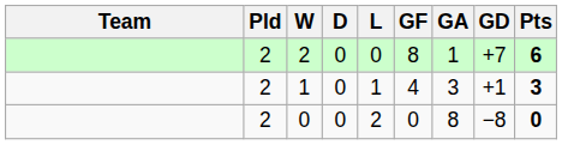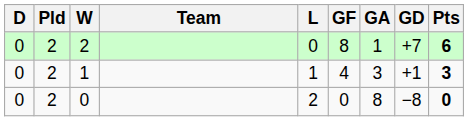 <table class="wikitable" style="text-align:center">
 <tr>
-<th width=175>Team</th>
+<th width=20>D</th>
 <th width=20>Pld</th>
 <th width=20>W</th>
-<th width=20>D</th>
+<th width=175>Team</th>
 <th width=20>L</th>
 <th width=20>GF</th>
 <th width=20>GA</th>
 <th width=20>GD</th>
 <th width=20>Pts</th>
 </tr>
 <tr bgcolor=ccffcc>
-<td align=left></td>
+<td>0</td>
 <td>2</td>
 <td>2</td>
-<td>0</td>
+<td align=left></td>
 <td>0</td>
 <td>8</td>
 <td>1</td>
 <td>+7</td>
 <td><strong>6</strong></td>
 </tr>
 <tr>
-<td align=left></td>
+<td>0</td>
 <td>2</td>
 <td>1</td>
-<td>0</td>
+<td align=left></td>
 <td>1</td>
 <td>4</td>
 <td>3</td>
 <td>+1</td>
 <td><strong>3</strong></td>
 </tr>
 <tr>
-<td align=left></td>
+<td>0</td>
 <td>2</td>
 <td>0</td>
-<td>0</td>
+<td align=left></td>
 <td>2</td>
 <td>0</td>
 <td>8</td>
 <td>−8</td>
 <td><strong>0</strong></td>
 </tr>
 </table>
